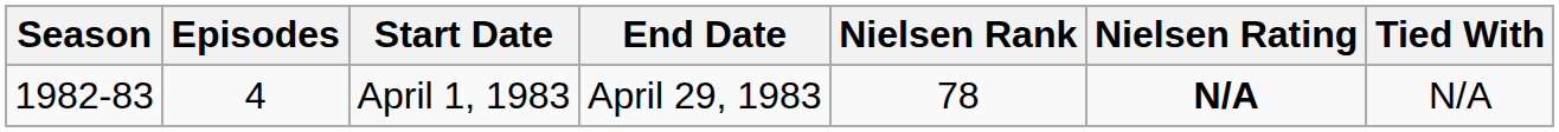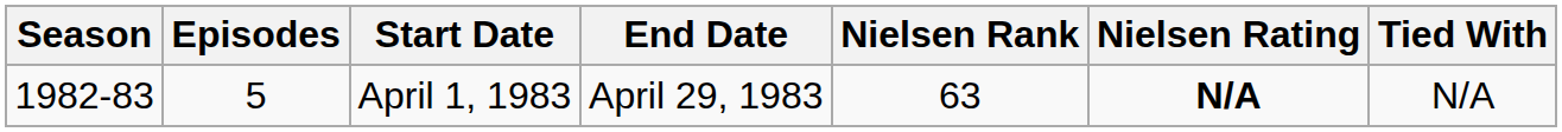 <table class="wikitable" style="text-align: center">
 <tr>
 <th>Season</th>
 <th>Episodes</th>
 <th>Start Date</th>
 <th>End Date</th>
 <th>Nielsen Rank</th>
 <th>Nielsen Rating</th>
 <th>Tied With</th>
 </tr>
 <tr>
 <td style="text-align:center">1982-83</td>
-<td style="text-align:center">4</td>
+<td style="text-align:center">5</td>
 <td style="text-align:center">April 1, 1983</td>
 <td style="text-align:center">April 29, 1983</td>
-<td style="text-align:center:">78</td>
+<td style="text-align:center:">63</td>
 <td style="text-align:center"><strong>N/A</strong></td>
 <td style="text-align:center">N/A</td>
 </tr>
 </table>
